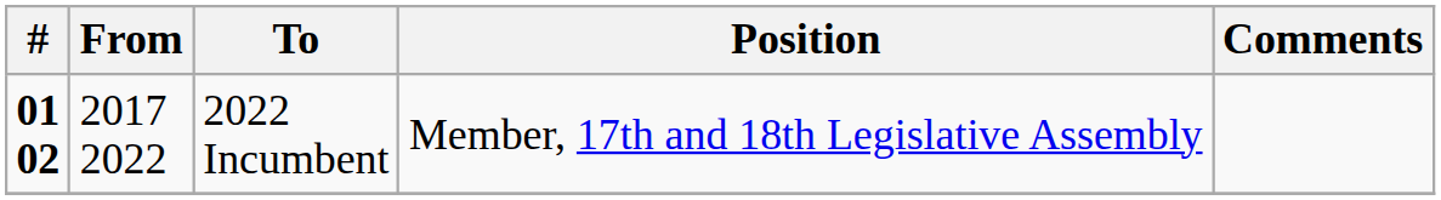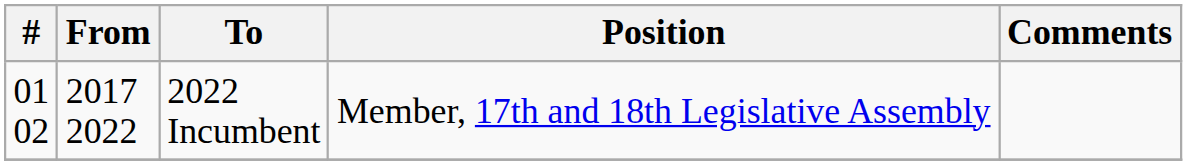 <table class="wikitable sortable">
 <tr>
 <th>#</th>
 <th>From</th>
 <th>To</th>
 <th>Position</th>
 <th>Comments</th>
 </tr>
 <tr>
-<td><strong>01<br>02</strong></td>
+<td>01<br>02</td>
 <td>2017<br>2022</td>
 <td>2022<br>Incumbent</td>
 <td>Member, <a href='#'>17th and 18th Legislative Assembly</a></td>
 <td></td>
 </tr>
 <tr>
 </tr>
 </table>
